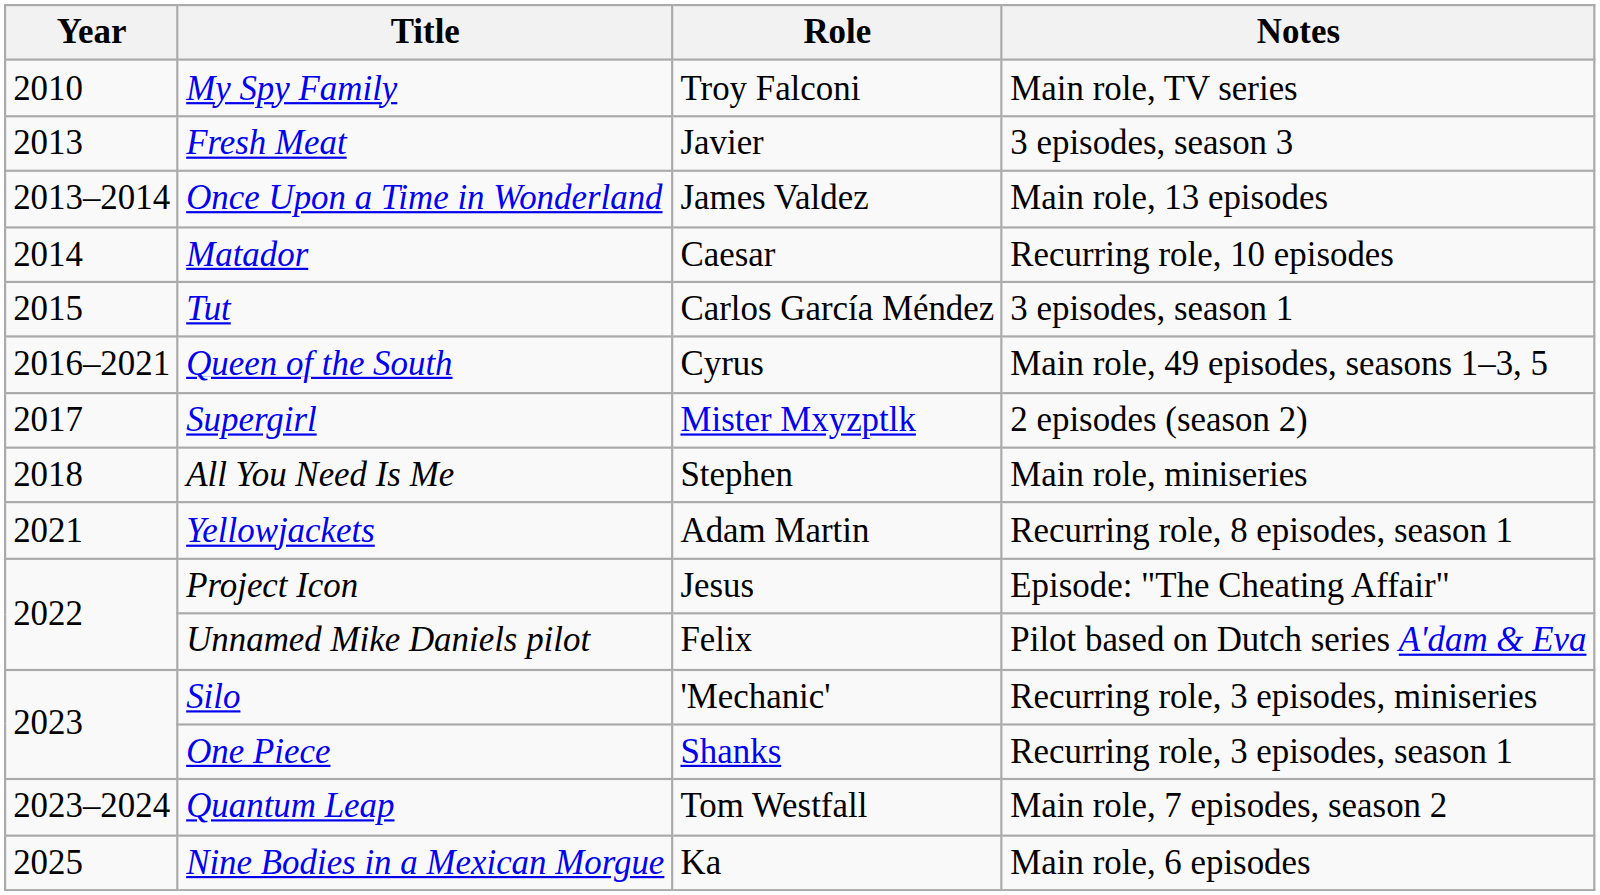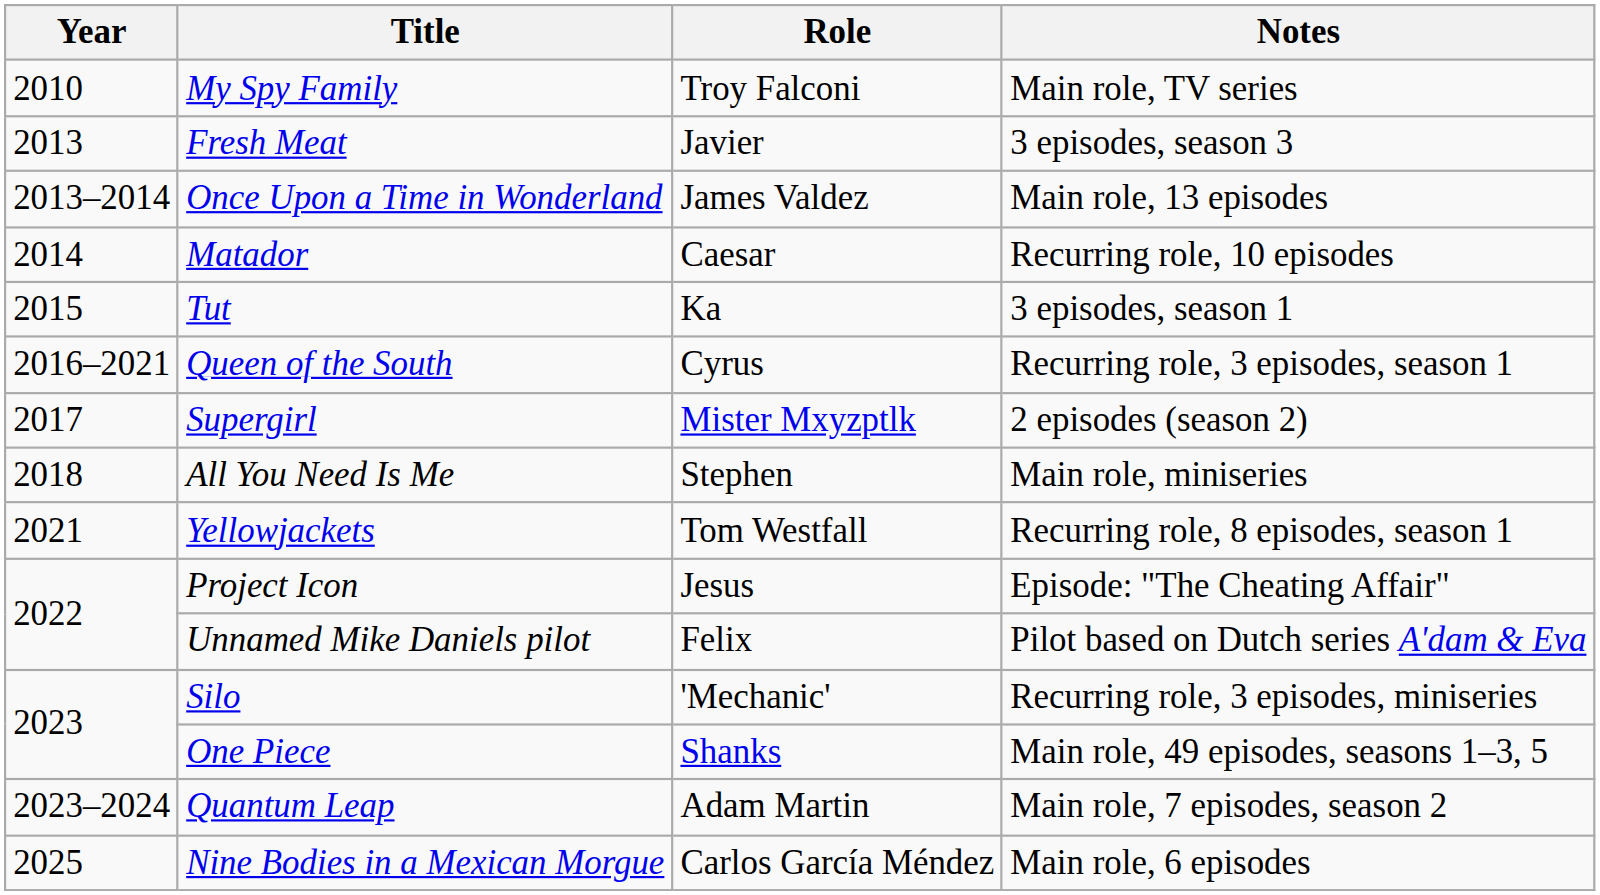 <table class="wikitable sortable">
 <tr>
 <th>Year</th>
 <th>Title</th>
 <th>Role</th>
 <th class="unsortable">Notes</th>
 </tr>
 <tr>
 <td>2010</td>
 <td><em><a href='#'>My Spy Family</a></em></td>
 <td>Troy Falconi</td>
 <td>Main role, TV series</td>
 </tr>
 <tr>
 <td>2013</td>
 <td><em><a href='#'>Fresh Meat</a></em></td>
 <td>Javier</td>
 <td>3 episodes, season 3</td>
 </tr>
 <tr>
 <td>2013–2014</td>
 <td><em><a href='#'>Once Upon a Time in Wonderland</a></em></td>
 <td>James Valdez</td>
 <td>Main role, 13 episodes</td>
 </tr>
 <tr>
 <td>2014</td>
 <td><em><a href='#'>Matador</a></em></td>
 <td>Caesar</td>
 <td>Recurring role, 10 episodes</td>
 </tr>
 <tr>
 <td>2015</td>
 <td><em><a href='#'>Tut</a></em></td>
-<td>Carlos García Méndez</td>
+<td>Ka</td>
 <td>3 episodes, season 1</td>
 </tr>
 <tr>
 <td>2016–2021</td>
 <td><em><a href='#'>Queen of the South</a></em></td>
 <td>Cyrus</td>
-<td>Main role, 49 episodes, seasons 1–3, 5</td>
+<td>Recurring role, 3 episodes, season 1</td>
 </tr>
 <tr>
 <td>2017</td>
 <td><em><a href='#'>Supergirl</a></em></td>
 <td><a href='#'>Mister Mxyzptlk</a></td>
 <td>2 episodes (season 2)</td>
 </tr>
 <tr>
 <td>2018</td>
 <td><em>All You Need Is Me</em></td>
 <td>Stephen</td>
 <td>Main role, miniseries</td>
 </tr>
 <tr>
 <td>2021</td>
 <td><em><a href='#'>Yellowjackets</a></em></td>
-<td>Adam Martin</td>
+<td>Tom Westfall</td>
 <td>Recurring role, 8 episodes, season 1</td>
 </tr>
 <tr>
 <td rowspan="2">2022</td>
 <td><em>Project Icon</em></td>
 <td>Jesus</td>
 <td>Episode: "The Cheating Affair"</td>
 </tr>
 <tr>
 <td><em>Unnamed Mike Daniels pilot</em></td>
 <td>Felix</td>
 <td>Pilot based on Dutch series <em><a href='#'>A'dam & Eva</a></em></td>
 </tr>
 <tr>
 <td rowspan="2">2023</td>
 <td><em><a href='#'>Silo</a></em></td>
 <td>'Mechanic'</td>
 <td>Recurring role, 3 episodes, miniseries</td>
 </tr>
 <tr>
 <td><em><a href='#'>One Piece</a></em></td>
 <td><a href='#'>Shanks</a></td>
-<td>Recurring role, 3 episodes, season 1</td>
+<td>Main role, 49 episodes, seasons 1–3, 5</td>
 </tr>
 <tr>
 <td>2023–2024</td>
 <td><em><a href='#'>Quantum Leap</a></em></td>
-<td>Tom Westfall</td>
+<td>Adam Martin</td>
 <td>Main role, 7 episodes, season 2</td>
 </tr>
 <tr>
 <td>2025</td>
 <td><em><a href='#'>Nine Bodies in a Mexican Morgue</a></em></td>
-<td>Ka</td>
+<td>Carlos García Méndez</td>
 <td>Main role, 6 episodes</td>
 </tr>
 </table>
